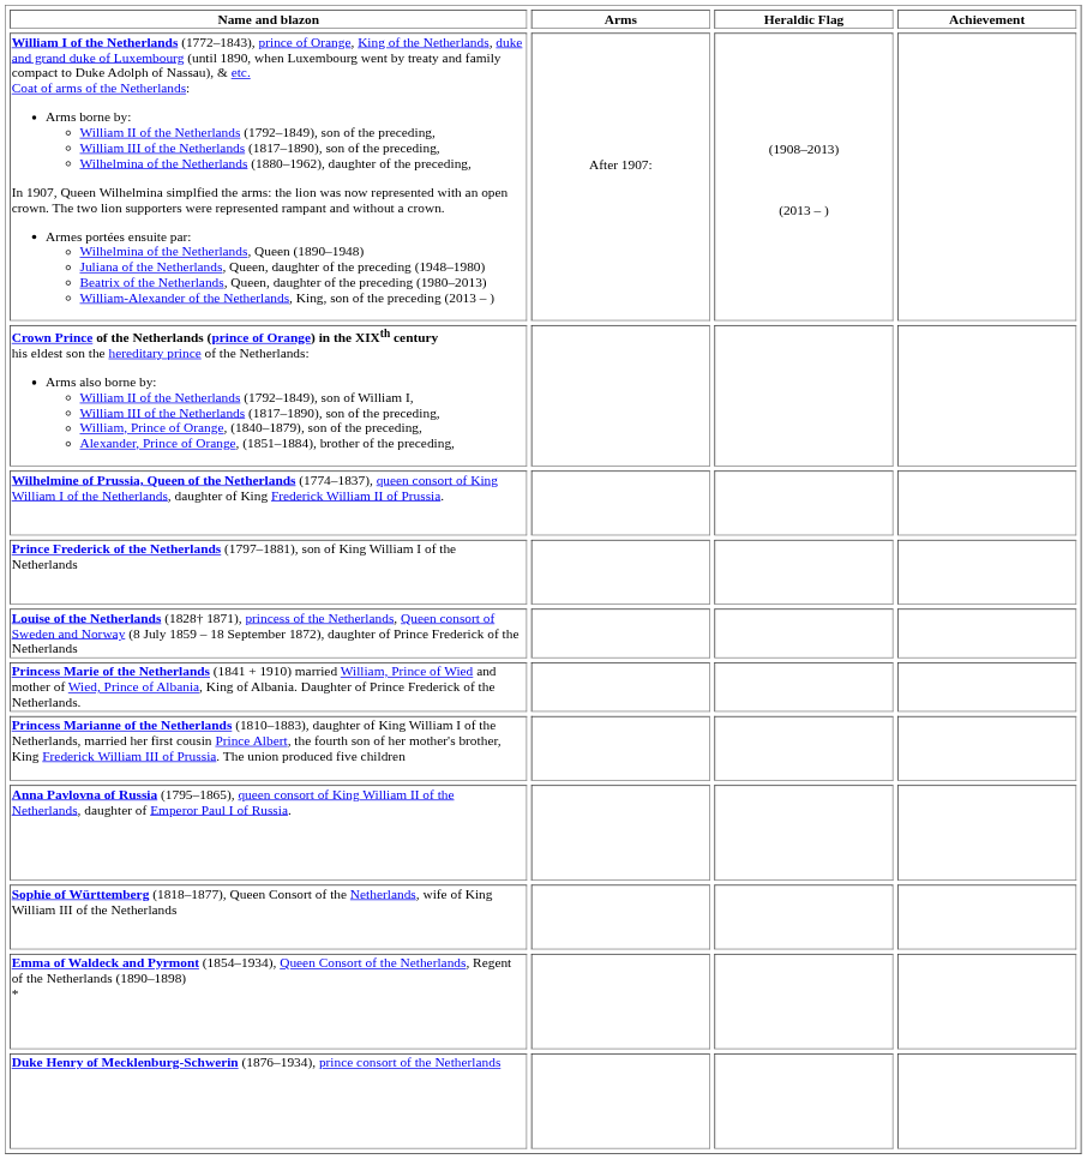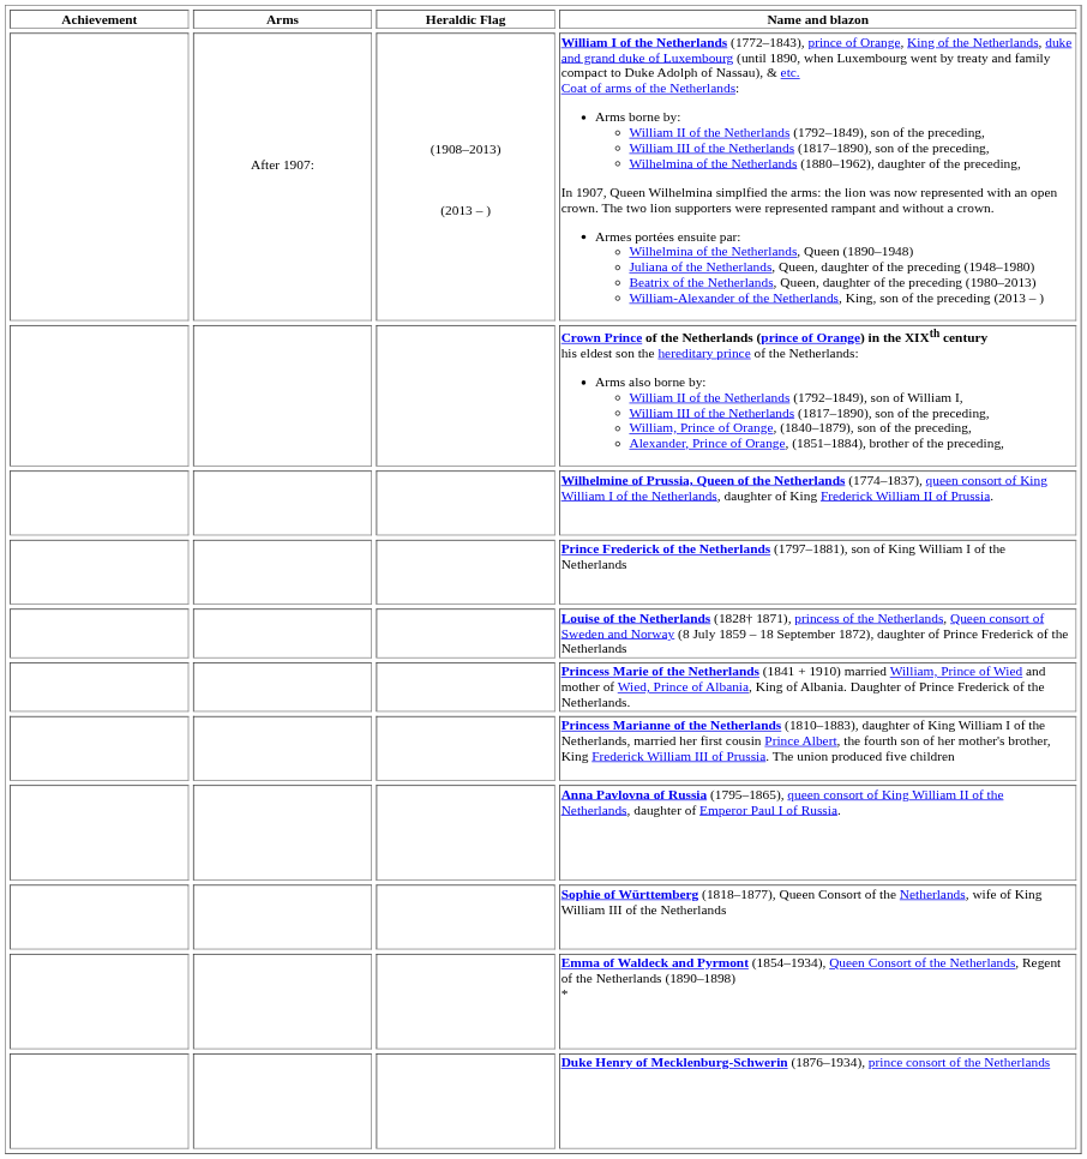 <table border=1 cellspacing=5 width="100%">
 <tr valign=top align=center>
-<td><strong>Name and blazon</strong></td>
+<td width="206"><strong>Achievement</strong></td>
 <td width="206"><strong>Arms</strong></td>
 <td width="206"><strong>Heraldic Flag</strong></td>
-<td width="206"><strong>Achievement</strong></td>
+<td><strong>Name and blazon</strong></td>
 </tr>
 <tr valign=top>
-<td><strong><a href='#'>William I of the Netherlands</a></strong> (1772–1843), <a href='#'>prince of Orange</a>, <a href='#'>King of the Netherlands</a>, <a href='#'>duke and grand duke of Luxembourg</a> (until 1890, when Luxembourg went by treaty and family compact to Duke Adolph of Nassau), & <a href='#'>etc.</a><br><a href='#'>Coat of arms of the Netherlands</a>:<ul><li>Arms borne by:<ul><li><a href='#'>William II of the Netherlands</a> (1792–1849), son of the preceding,</li><li><a href='#'>William III of the Netherlands</a> (1817–1890), son of the preceding,</li><li><a href='#'>Wilhelmina of the Netherlands</a> (1880–1962), daughter of the preceding,</li></ul></li></ul>In 1907, Queen Wilhelmina simplfied the arms: the lion was now represented with an open crown.  The two lion supporters were represented rampant and without a crown.<ul><li>Armes portées ensuite par:<ul><li><a href='#'>Wilhelmina of the Netherlands</a>, Queen (1890–1948)</li><li><a href='#'>Juliana of the Netherlands</a>, Queen, daughter of the preceding (1948–1980)</li><li><a href='#'>Beatrix of the Netherlands</a>, Queen, daughter of the preceding (1980–2013)</li><li><a href='#'>William-Alexander of the Netherlands</a>, King, son of the preceding (2013 – )</li></ul></li></ul></td>
+<td align=center><br><br> <br> <br>  <br> <br> </td>
 <td align=center><br><br><br><br> <br> <br> <br> <br> After 1907: <br> <br> <br></td>
 <td align=center><br><br><br><br><br> <br> <br> (1908–2013) <br> <br>   <br> <br> (2013 – )  <br> <br> </td>
-<td align=center><br><br> <br> <br>  <br> <br> </td>
+<td><strong><a href='#'>William I of the Netherlands</a></strong> (1772–1843), <a href='#'>prince of Orange</a>, <a href='#'>King of the Netherlands</a>, <a href='#'>duke and grand duke of Luxembourg</a> (until 1890, when Luxembourg went by treaty and family compact to Duke Adolph of Nassau), & <a href='#'>etc.</a><br><a href='#'>Coat of arms of the Netherlands</a>:<ul><li>Arms borne by:<ul><li><a href='#'>William II of the Netherlands</a> (1792–1849), son of the preceding,</li><li><a href='#'>William III of the Netherlands</a> (1817–1890), son of the preceding,</li><li><a href='#'>Wilhelmina of the Netherlands</a> (1880–1962), daughter of the preceding,</li></ul></li></ul>In 1907, Queen Wilhelmina simplfied the arms: the lion was now represented with an open crown.  The two lion supporters were represented rampant and without a crown.<ul><li>Armes portées ensuite par:<ul><li><a href='#'>Wilhelmina of the Netherlands</a>, Queen (1890–1948)</li><li><a href='#'>Juliana of the Netherlands</a>, Queen, daughter of the preceding (1948–1980)</li><li><a href='#'>Beatrix of the Netherlands</a>, Queen, daughter of the preceding (1980–2013)</li><li><a href='#'>William-Alexander of the Netherlands</a>, King, son of the preceding (2013 – )</li></ul></li></ul></td>
 </tr>
 <tr valign=top>
-<td><strong><a href='#'>Crown Prince</a> of the Netherlands (<a href='#'>prince of Orange</a>) in the XIX<sup>th</sup> century</strong><br>his eldest son the <a href='#'>hereditary prince</a> of the Netherlands:<ul><li>Arms also borne by:<ul><li><a href='#'>William II of the Netherlands</a> (1792–1849), son of William I,</li><li><a href='#'>William III of the Netherlands</a> (1817–1890), son of the preceding,</li><li><a href='#'>William, Prince of Orange</a>, (1840–1879), son of the preceding,</li><li><a href='#'>Alexander, Prince of Orange</a>, (1851–1884), brother of the preceding,</li></ul></li></ul></td>
+<td align=center><br><br><br><br></td>
 <td align=center><br><br><br><br><br> <br> <br> </td>
 <td align=center><br><br><br><br></td>
-<td align=center><br><br><br><br></td>
+<td><strong><a href='#'>Crown Prince</a> of the Netherlands (<a href='#'>prince of Orange</a>) in the XIX<sup>th</sup> century</strong><br>his eldest son the <a href='#'>hereditary prince</a> of the Netherlands:<ul><li>Arms also borne by:<ul><li><a href='#'>William II of the Netherlands</a> (1792–1849), son of William I,</li><li><a href='#'>William III of the Netherlands</a> (1817–1890), son of the preceding,</li><li><a href='#'>William, Prince of Orange</a>, (1840–1879), son of the preceding,</li><li><a href='#'>Alexander, Prince of Orange</a>, (1851–1884), brother of the preceding,</li></ul></li></ul></td>
 </tr>
 <tr valign=top>
-<td><strong><a href='#'>Wilhelmine of Prussia, Queen of the Netherlands</a></strong>  (1774–1837), <a href='#'>queen consort of King William I of the Netherlands</a>, daughter of King <a href='#'>Frederick William II of Prussia</a>.<br></td>
+<td align=center></td>
 <td align=center><br><br><br><br></td>
 <td align=center></td>
-<td align=center></td>
+<td><strong><a href='#'>Wilhelmine of Prussia, Queen of the Netherlands</a></strong>  (1774–1837), <a href='#'>queen consort of King William I of the Netherlands</a>, daughter of King <a href='#'>Frederick William II of Prussia</a>.<br></td>
 </tr>
 <tr valign=top>
-<td><strong><a href='#'>Prince Frederick of the Netherlands</a></strong>  (1797–1881), son of King William I of the Netherlands<br></td>
+<td align=center></td>
 <td align=center><br><br><br><br></td>
 <td align=center><br><br></td>
-<td align=center></td>
+<td><strong><a href='#'>Prince Frederick of the Netherlands</a></strong>  (1797–1881), son of King William I of the Netherlands<br></td>
 </tr>
 <tr valign=top>
-<td><strong><a href='#'>Louise of the Netherlands</a></strong> (1828† 1871), <a href='#'>princess of the Netherlands</a>, <a href='#'>Queen consort of Sweden and Norway</a> (8 July 1859 – 18 September 1872), daughter of Prince Frederick of the Netherlands<br></td>
+<td align=center><br></td>
 <td align=center></td>
 <td align=center></td>
-<td align=center><br></td>
+<td><strong><a href='#'>Louise of the Netherlands</a></strong> (1828† 1871), <a href='#'>princess of the Netherlands</a>, <a href='#'>Queen consort of Sweden and Norway</a> (8 July 1859 – 18 September 1872), daughter of Prince Frederick of the Netherlands<br></td>
 </tr>
 <tr valign=top>
-<td><strong><a href='#'>Princess Marie of the Netherlands</a></strong> (1841 + 1910) married <a href='#'>William, Prince of Wied</a> and mother of <a href='#'>Wied, Prince of Albania</a>, King of Albania.  Daughter of Prince Frederick of the Netherlands.</td>
+<td align=center></td>
 <td align=center></td>
 <td align=center><br><br></td>
-<td align=center></td>
+<td><strong><a href='#'>Princess Marie of the Netherlands</a></strong> (1841 + 1910) married <a href='#'>William, Prince of Wied</a> and mother of <a href='#'>Wied, Prince of Albania</a>, King of Albania.  Daughter of Prince Frederick of the Netherlands.</td>
 </tr>
 <tr valign=top>
-<td><strong><a href='#'>Princess Marianne of the Netherlands</a></strong>  (1810–1883), daughter of King William I of the Netherlands, married her first cousin <a href='#'>Prince Albert</a>, the fourth son of her mother's brother, King <a href='#'>Frederick William III of Prussia</a>. The union produced five children<br></td>
+<td align=center><br><br><br><br></td>
 <td align=center><br><br><br><br></td>
 <td align=center><br><br></td>
-<td align=center><br><br><br><br></td>
+<td><strong><a href='#'>Princess Marianne of the Netherlands</a></strong>  (1810–1883), daughter of King William I of the Netherlands, married her first cousin <a href='#'>Prince Albert</a>, the fourth son of her mother's brother, King <a href='#'>Frederick William III of Prussia</a>. The union produced five children<br></td>
 </tr>
 <tr valign=top>
-<td><strong><a href='#'>Anna Pavlovna of Russia</a></strong>  (1795–1865), <a href='#'>queen consort of King William II of the Netherlands</a>, daughter of <a href='#'>Emperor Paul I of Russia</a>.<br></td>
+<td align=center><br><br></td>
 <td align=center><br><br><br><br><br><br></td>
 <td align=center></td>
-<td align=center><br><br></td>
+<td><strong><a href='#'>Anna Pavlovna of Russia</a></strong>  (1795–1865), <a href='#'>queen consort of King William II of the Netherlands</a>, daughter of <a href='#'>Emperor Paul I of Russia</a>.<br></td>
 </tr>
 <tr valign=top>
-<td><strong><a href='#'>Sophie of Württemberg</a></strong>  (1818–1877), Queen Consort of the <a href='#'>Netherlands</a>, wife of King William III of the Netherlands<br></td>
+<td align=center><br> <br><br></td>
 <td align=center><br><br><br><br></td>
 <td align=center></td>
-<td align=center><br> <br><br></td>
+<td><strong><a href='#'>Sophie of Württemberg</a></strong>  (1818–1877), Queen Consort of the <a href='#'>Netherlands</a>, wife of King William III of the Netherlands<br></td>
 </tr>
 <tr valign=top>
-<td><strong><a href='#'>Emma of Waldeck and Pyrmont</a></strong>  (1854–1934), <a href='#'>Queen Consort of the Netherlands</a>, Regent of the Netherlands (1890–1898)<br> * </td>
+<td align=center><br><br> <br><br></td>
 <td align=center><br><br><br><br><br><br></td>
 <td align=center><br><br><br><br></td>
-<td align=center><br><br> <br><br></td>
+<td><strong><a href='#'>Emma of Waldeck and Pyrmont</a></strong>  (1854–1934), <a href='#'>Queen Consort of the Netherlands</a>, Regent of the Netherlands (1890–1898)<br> * </td>
 </tr>
 <tr valign=top>
-<td><strong><a href='#'>Duke Henry of Mecklenburg-Schwerin</a></strong>  (1876–1934), <a href='#'>prince consort of the Netherlands</a><br></td>
+<td align=center><br><br> <br><br></td>
 <td align=center><br><br><br><br><br><br></td>
 <td align=center><br><br><br><br></td>
-<td align=center><br><br> <br><br></td>
+<td><strong><a href='#'>Duke Henry of Mecklenburg-Schwerin</a></strong>  (1876–1934), <a href='#'>prince consort of the Netherlands</a><br></td>
 </tr>
 </table>
